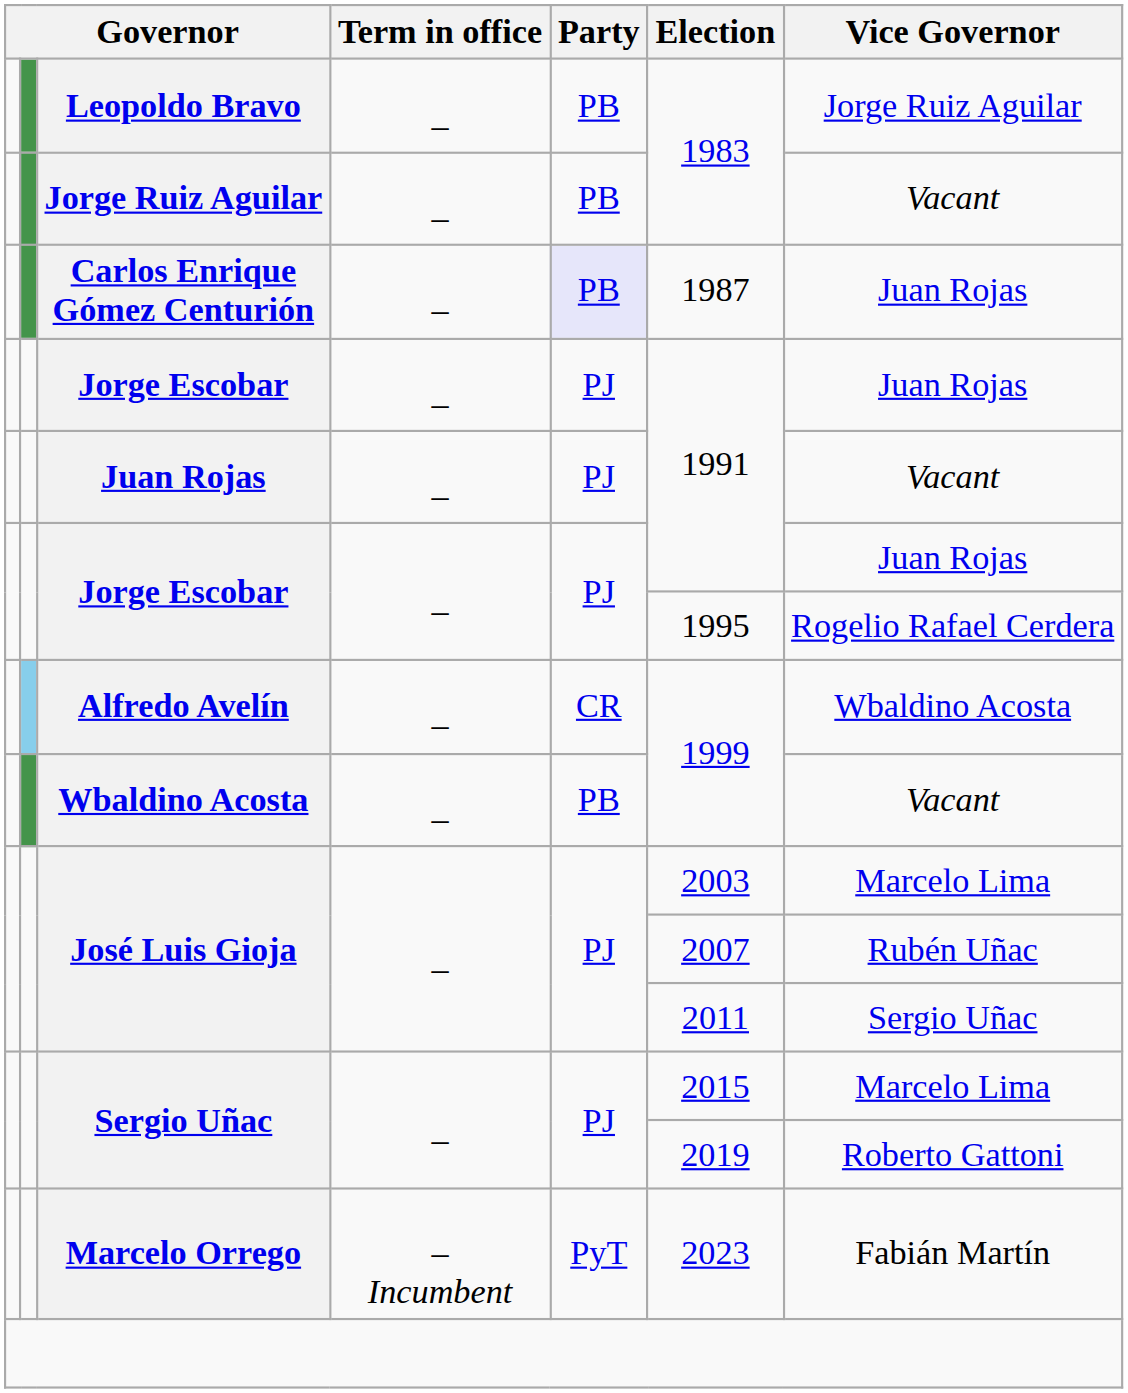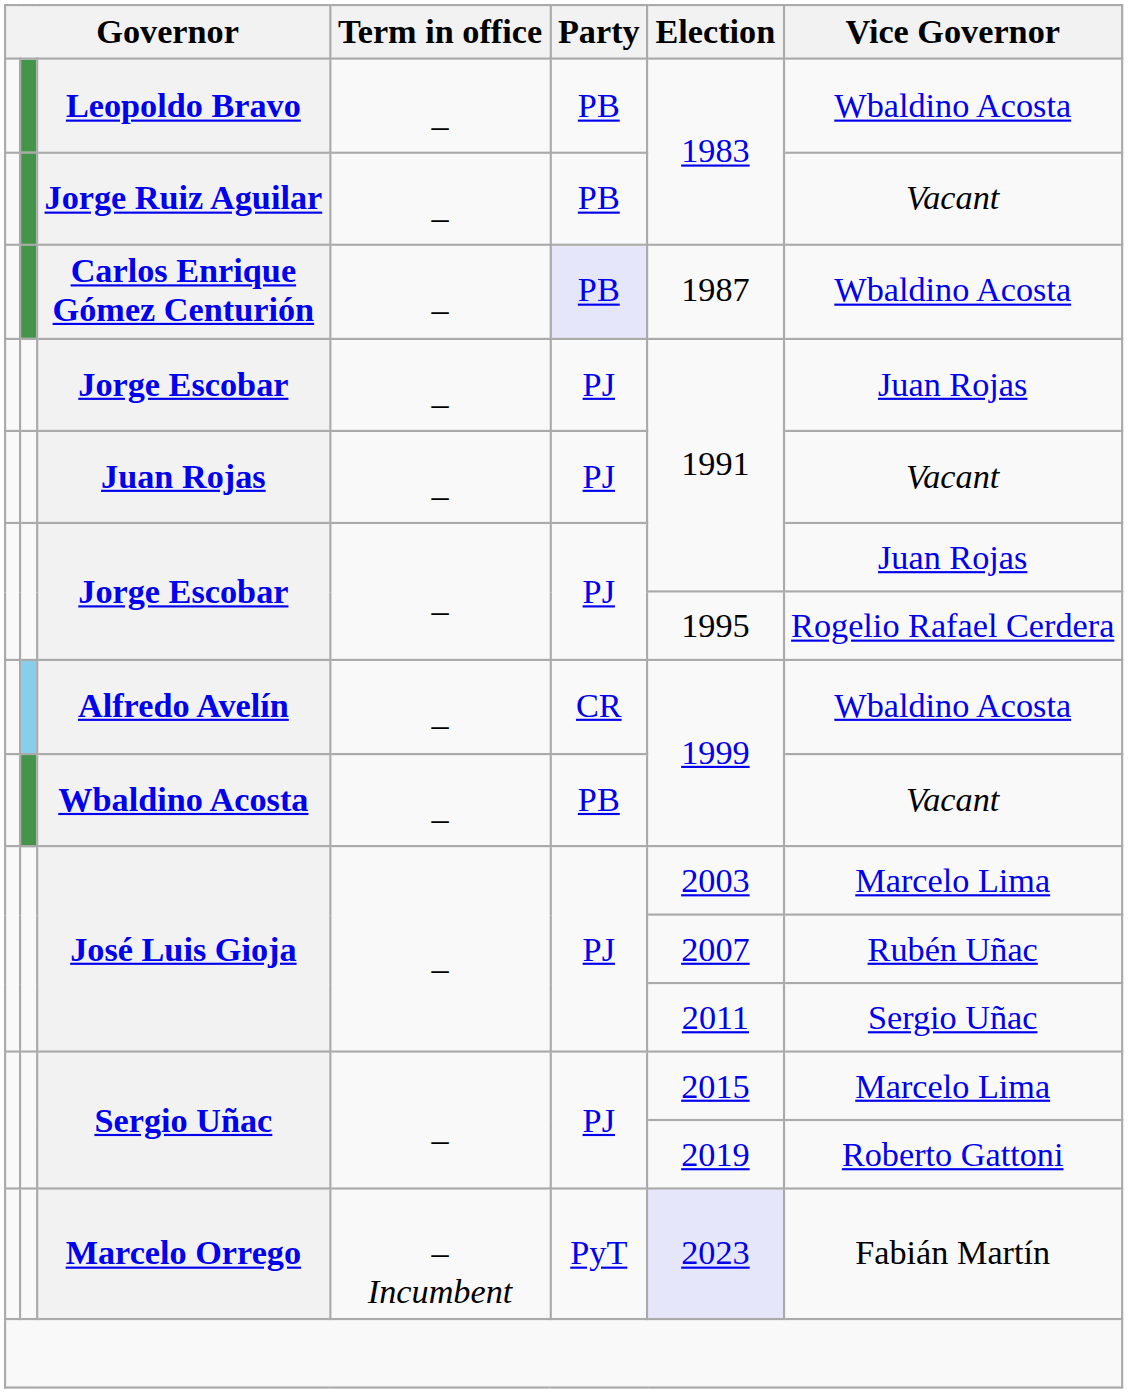 <table class="wikitable sortable" style="text-align: center;">
 <tr>
 <th scope="col" colspan="3">Governor</th>
 <th scope="col">Term in office</th>
 <th scope="col">Party</th>
 <th scope="col">Election</th>
 <th scope="col">Vice Governor</th>
 </tr>
 <tr style="height:2em;">
 <td data-sort-value="Bravo, Leopoldo"></td>
 <td style="background:#44944A;"></td>
 <th scope="row"><a href='#'>Leopoldo Bravo</a></th>
 <td><br>–<br></td>
 <td><a href='#'>PB</a></td>
 <td rowspan="2"><a href='#'>1983</a></td>
-<td data-sort-value="Ruiz Aguilar, Jorge"><a href='#'>Jorge Ruiz Aguilar</a></td>
+<td data-sort-value="Acosta, Wbaldino"><a href='#'>Wbaldino Acosta</a></td>
 </tr>
 <tr style="height:2em;">
 <td data-sort-value="Ruiz Aguilar, Jorge"></td>
 <td style="background:#44944A;"></td>
 <th scope="row"><a href='#'>Jorge Ruiz Aguilar</a></th>
 <td><br>–<br></td>
 <td><a href='#'>PB</a></td>
 <td><em>Vacant</em></td>
 </tr>
 <tr style="height:2em;">
 <td data-sort-value="Sobisch, Jorge"></td>
 <td style="background:#44944A;"></td>
 <th scope="row"><a href='#'>Carlos Enrique<br>Gómez Centurión</a></th>
 <td><br>–<br></td>
 <td style="background: lavender;"><a href='#'>PB</a></td>
 <td>1987</td>
-<td data-sort-value="Rojas, Juan"><a href='#'>Juan Rojas</a></td>
+<td data-sort-value="Acosta, Wbaldino"><a href='#'>Wbaldino Acosta</a></td>
 </tr>
 <tr style="height:2em;">
 <td data-sort-value="Escobar, Jorge"></td>
 <td style="background:"></td>
 <th scope="row"><a href='#'>Jorge Escobar</a></th>
 <td><br>–<br></td>
 <td><a href='#'>PJ</a></td>
 <td rowspan="3">1991</td>
 <td data-sort-value="Rojas, Juan"><a href='#'>Juan Rojas</a></td>
 </tr>
 <tr style="height:2em;">
 <td data-sort-value="Rojas, Juan"></td>
 <td style="background:"></td>
 <th scope="row"><a href='#'>Juan Rojas</a></th>
 <td><br>–<br></td>
 <td><a href='#'>PJ</a></td>
 <td><em>Vacant</em></td>
 </tr>
 <tr style="height:2em;">
 <td rowspan="2" data-sort-value="Escobar, Jorge"></td>
 <td rowspan="2" style="background:"></td>
 <th rowspan="2" scope="row"><a href='#'>Jorge Escobar</a></th>
 <td rowspan="2"><br>–<br></td>
 <td rowspan="2"><a href='#'>PJ</a></td>
 <td data-sort-value="Rojas, Juan"><a href='#'>Juan Rojas</a></td>
 </tr>
 <tr style="height:2em;">
 <td>1995</td>
 <td data-sort-value="Cerdera, Rogelio Rafael"><a href='#'>Rogelio Rafael Cerdera</a></td>
 </tr>
 <tr style="height:2em;">
 <td data-sort-value="Avelín, Alfredo"></td>
 <td style="background:SkyBlue;"></td>
 <th scope="row"><a href='#'>Alfredo Avelín</a></th>
 <td><br>–<br></td>
 <td><a href='#'>CR</a></td>
 <td rowspan="2"><a href='#'>1999</a></td>
 <td data-sort-value="Acosta, Wbaldino"><a href='#'>Wbaldino Acosta</a></td>
 </tr>
 <tr style="height:2em;">
 <td data-sort-value="Acosta, Wbaldino"></td>
 <td style="background:#44944A;"></td>
 <th scope="row"><a href='#'>Wbaldino Acosta</a></th>
 <td><br>–<br></td>
 <td><a href='#'>PB</a></td>
 <td><em>Vacant</em></td>
 </tr>
 <tr style="height:2em;">
 <td rowspan="3" data-sort-value="Gioja, José Luis"></td>
 <td rowspan="3" style="background:"></td>
 <th rowspan="3" scope="row"><a href='#'>José Luis Gioja</a></th>
 <td rowspan="3"><br>–<br></td>
 <td rowspan="3"><a href='#'>PJ</a></td>
 <td><a href='#'>2003</a></td>
 <td data-sort-value="Lima, Marcelo"><a href='#'>Marcelo Lima</a></td>
 </tr>
 <tr style="height:2em;">
 <td><a href='#'>2007</a></td>
 <td data-sort-value="Uñac, Rubén"><a href='#'>Rubén Uñac</a></td>
 </tr>
 <tr style="height:2em;">
 <td><a href='#'>2011</a></td>
 <td data-sort-value="Uñac, Sergio"><a href='#'>Sergio Uñac</a></td>
 </tr>
 <tr style="height:2em;">
 <td rowspan="2" data-sort-value="Uñac, Sergio"></td>
 <td rowspan="2" style="background:"></td>
 <th rowspan="2" scope="row"><a href='#'>Sergio Uñac</a></th>
 <td rowspan="2"><br>–<br></td>
 <td rowspan="2"><a href='#'>PJ</a></td>
 <td><a href='#'>2015</a></td>
 <td data-sort-value="Lima, Marcelo"><a href='#'>Marcelo Lima</a></td>
 </tr>
 <tr style="height:2em;">
 <td><a href='#'>2019</a></td>
 <td data-sort-value="Gattoni, Roberto"><a href='#'>Roberto Gattoni</a></td>
 </tr>
 <tr style="height:2em;">
 <td data-sort-value="Orrego, Marcelo"></td>
 <td style="background:"></td>
 <th scope="row"><a href='#'>Marcelo Orrego</a></th>
 <td><br>–<br><em>Incumbent</em></td>
 <td><a href='#'>PyT</a></td>
-<td><a href='#'>2023</a></td>
+<td style="background: lavender;"><a href='#'>2023</a></td>
 <td>Fabián Martín</td>
 </tr>
 <tr style="height:2em;">
 </tr>
 </table>
